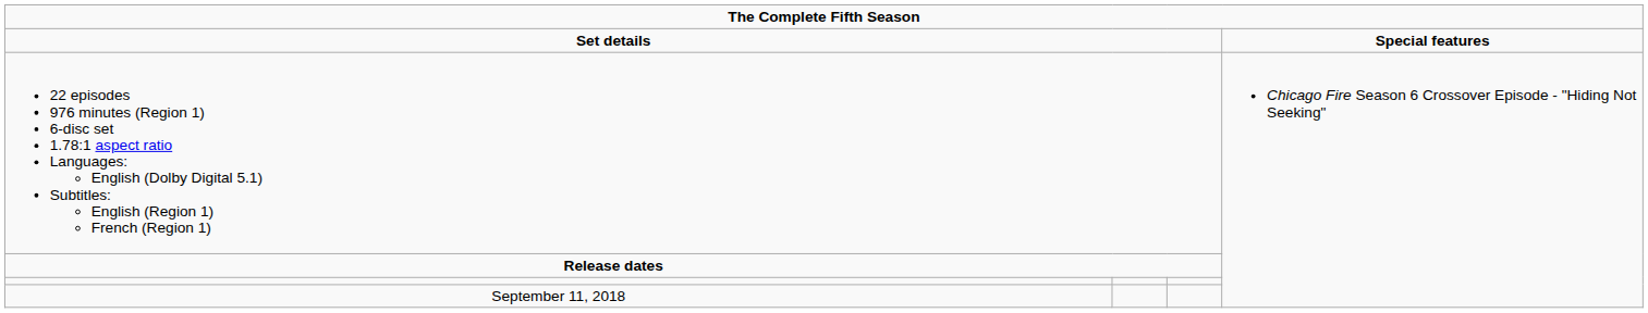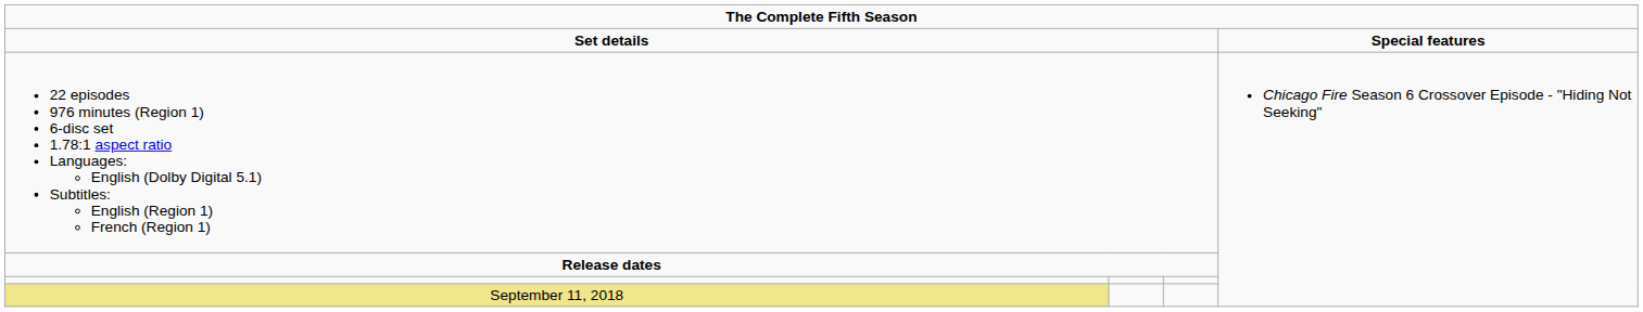 <table class="wikitable plainrowheaders" style="font-size:90%; text-align:center; width: 100%; margin-left: auto; margin-right: auto;">
 <tr>
 <td colspan="6"><strong>The Complete Fifth Season</strong></td>
 </tr>
 <tr>
 <td align="center" width="300" colspan="3"><strong>Set details</strong></td>
 <td width="400" align="center"><strong>Special features</strong></td>
 </tr>
 <tr valign="top">
 <td colspan="3" align="left" width="300"><br><ul><li>22 episodes</li><li>976 minutes (Region 1)</li><li>6-disc set</li><li>1.78:1 <a href='#'>aspect ratio</a></li><li>Languages:<ul><li>English (Dolby Digital 5.1)</li></ul></li><li>Subtitles:<ul><li>English (Region 1)</li><li>French (Region 1)</li></ul></li></ul></td>
 <td rowspan="4" align="left" width="400"><br><ul><li><em>Chicago Fire</em> Season 6 Crossover Episode - "Hiding Not Seeking"</li></ul></td>
 </tr>
 <tr>
 <td colspan="3" align="center"><strong>Release dates</strong></td>
 </tr>
 <tr>
 <td align="center"></td>
 <td align="center"></td>
 <td align="center"></td>
 </tr>
 <tr>
-<td align="center">September 11, 2018</td>
+<td align="center" style="background: khaki;">September 11, 2018</td>
 <td align="center"></td>
 <td align="center"></td>
 </tr>
 </table>
